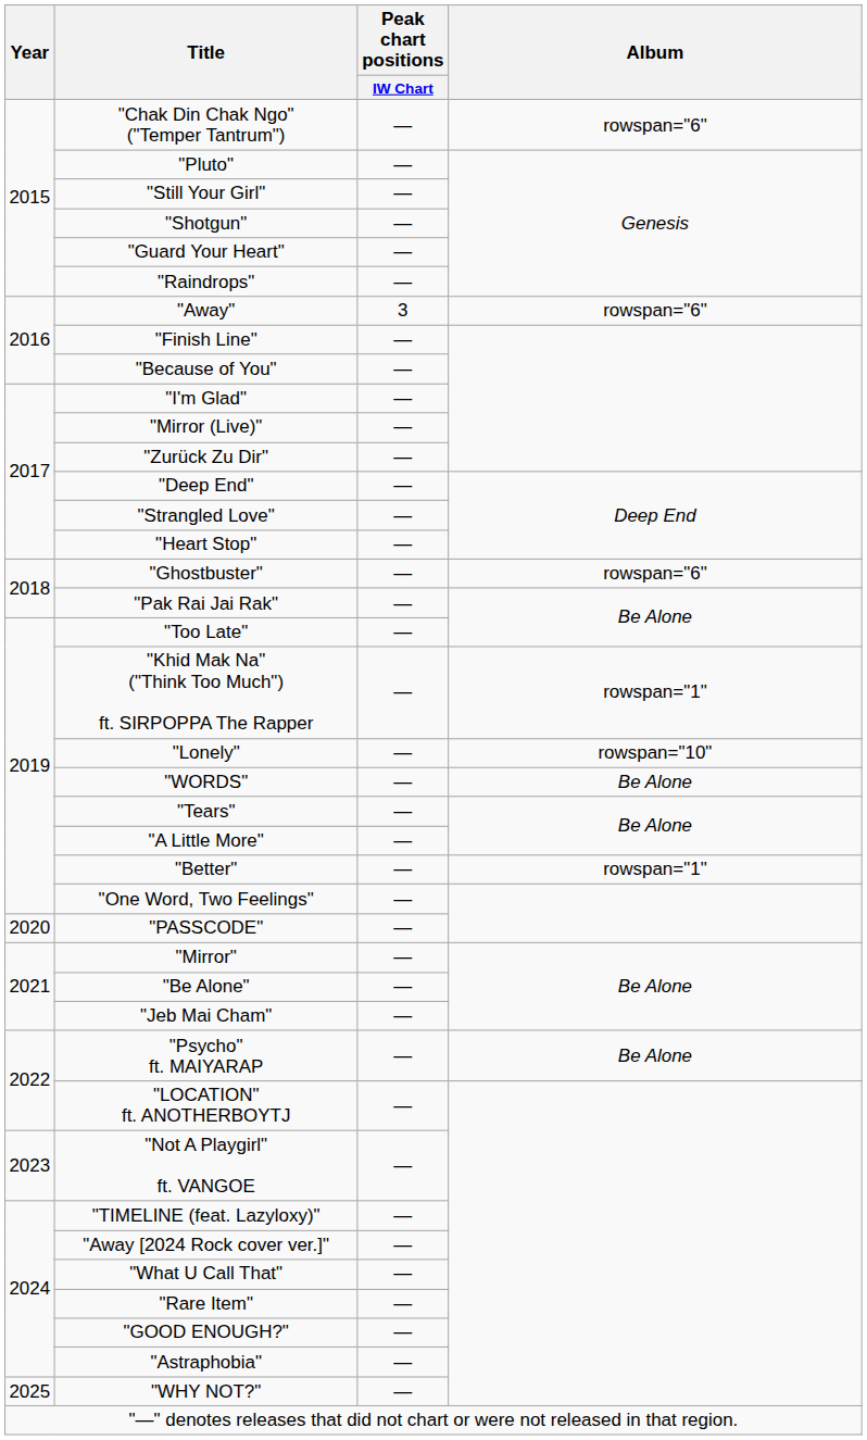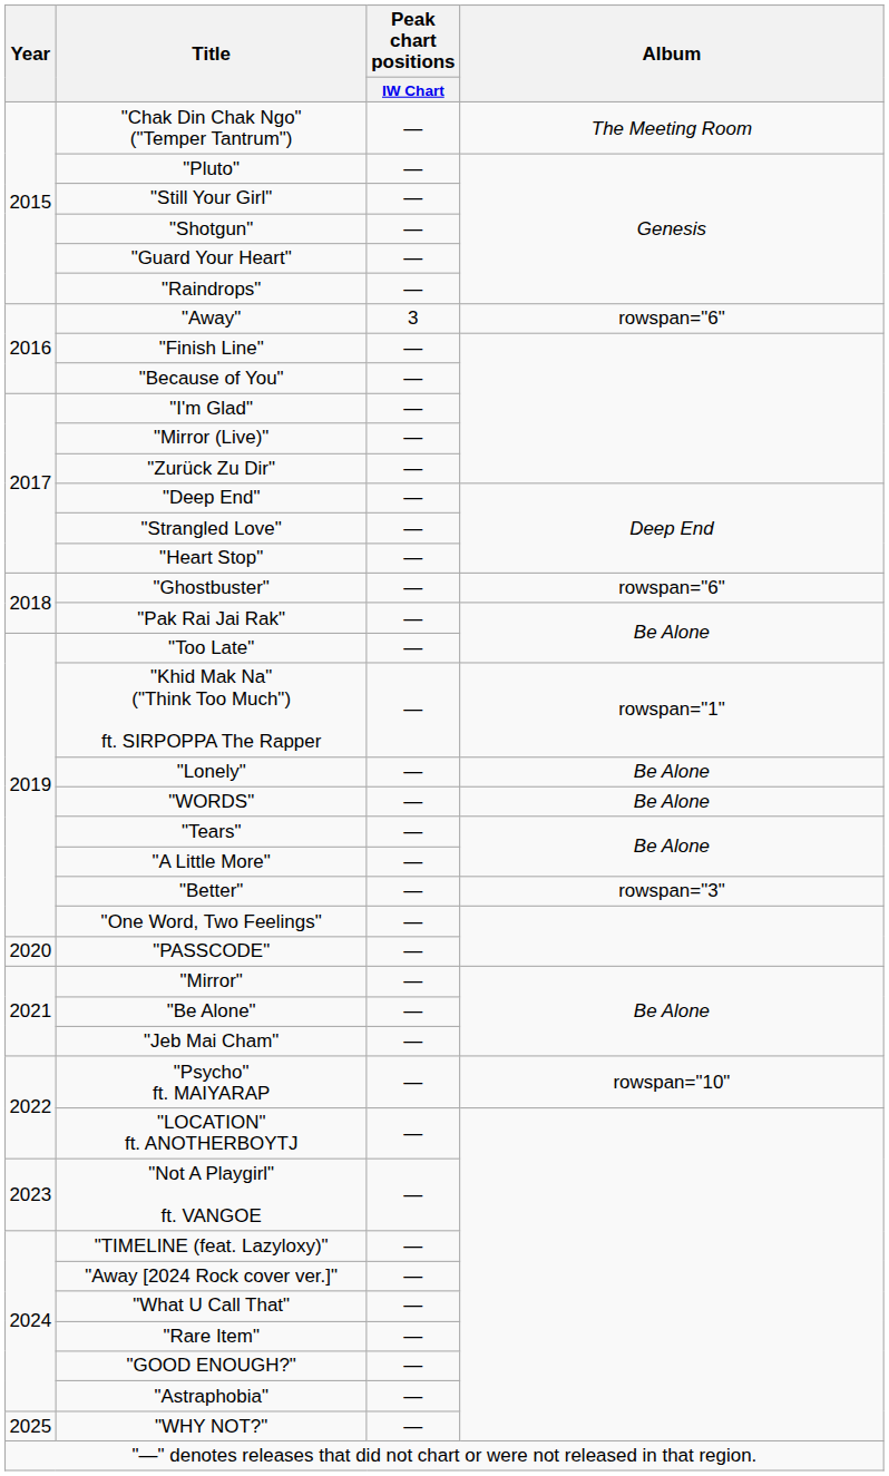 <table class="wikitable plainrowheaders" style="text-align:center;">
 <tr>
 <th rowspan="2" scope="col">Year</th>
 <th scope="col" rowspan="2" style="width:16em">Title</th>
 <th scope="col" colspan="1">Peak chart positions</th>
 <th scope="col" rowspan="2" style="width:22em">Album</th>
 </tr>
 <tr>
 <th scope="col" style="width:2.5em;font-size:80%;"><a href='#'>IW Chart</a></th>
 </tr>
 <tr>
 <td rowspan="6">2015</td>
 <td scope="row">"Chak Din Chak Ngo" <br>("Temper Tantrum") <br></td>
 <td>—</td>
-<td>rowspan="6" </td>
+<td rowspan="1"><em>The Meeting Room</em></td>
 </tr>
 <tr>
 <td scope="row">"Pluto"</td>
 <td>—</td>
 <td rowspan="5"><em>Genesis</em></td>
 </tr>
 <tr>
 <td scope="row">"Still Your Girl"</td>
 <td>—</td>
 </tr>
 <tr>
 <td scope="row">"Shotgun"</td>
 <td>—</td>
 </tr>
 <tr>
 <td scope="row">"Guard Your Heart"</td>
 <td>—</td>
 </tr>
 <tr>
 <td scope="row">"Raindrops"</td>
 <td>—</td>
 </tr>
 <tr>
 <td rowspan="3">2016</td>
 <td scope="row">"Away" <br></td>
 <td>3</td>
 <td>rowspan="6" </td>
 </tr>
 <tr>
 <td scope="row">"Finish Line"</td>
 <td>—</td>
 </tr>
 <tr>
 <td scope="row">"Because of You" <br></td>
 <td>—</td>
 </tr>
 <tr>
 <td rowspan="6">2017</td>
 <td scope="row">"I'm Glad" <br></td>
 <td>—</td>
 </tr>
 <tr>
 <td scope="row">"Mirror (Live)"</td>
 <td>—</td>
 </tr>
 <tr>
 <td scope="row">"Zurück Zu Dir"</td>
 <td>—</td>
 </tr>
 <tr>
 <td scope="row">"Deep End"</td>
 <td>—</td>
 <td rowspan="3"><em>Deep End</em></td>
 </tr>
 <tr>
 <td scope="row">"Strangled Love"</td>
 <td>—</td>
 </tr>
 <tr>
 <td scope="row">"Heart Stop"</td>
 <td>—</td>
 </tr>
 <tr>
 <td rowspan="2">2018</td>
 <td scope="row">"Ghostbuster"</td>
 <td>—</td>
 <td>rowspan="6" </td>
 </tr>
 <tr>
 <td scope="row">"Pak Rai Jai Rak" <br></td>
 <td>—</td>
 <td rowspan="2"><em>Be Alone</em></td>
 </tr>
 <tr>
 <td rowspan="8">2019</td>
 <td scope="row">"Too Late" <br> </td>
 <td>—</td>
 </tr>
 <tr>
 <td scope="row">"Khid Mak Na" <br>("Think Too Much") <br><br>ft. SIRPOPPA The Rapper</td>
 <td>—</td>
 <td>rowspan="1" </td>
 </tr>
 <tr>
 <td scope="row">"Lonely" <br></td>
 <td>—</td>
-<td>rowspan="10" </td>
+<td><em>Be Alone</em></td>
 </tr>
 <tr>
 <td scope="row">"WORDS"</td>
 <td>—</td>
 <td><em>Be Alone</em></td>
 </tr>
 <tr>
 <td>"Tears"<br></td>
 <td>—</td>
 <td rowspan="2"><em>Be Alone</em></td>
 </tr>
 <tr>
 <td>"A Little More" <br></td>
 <td>—</td>
 </tr>
 <tr>
 <td>"Better"<br> </td>
 <td>—</td>
-<td>rowspan="1" </td>
+<td>rowspan="3" </td>
 </tr>
 <tr>
 <td>"One Word, Two Feelings"<br></td>
 <td>—</td>
 </tr>
 <tr>
 <td>2020</td>
 <td scope="row">"PASSCODE"</td>
 <td>—</td>
 </tr>
 <tr>
 <td rowspan="3">2021</td>
 <td scope="row">"Mirror"<br> </td>
 <td>—</td>
 <td rowspan="3"><em>Be Alone</em></td>
 </tr>
 <tr>
 <td scope="row">"Be Alone"<br> </td>
 <td>—</td>
 </tr>
 <tr>
 <td scope="row">"Jeb Mai Cham"<br> </td>
 <td>—</td>
 </tr>
 <tr>
 <td rowspan="2">2022</td>
 <td scope="row">"Psycho"<br>ft. MAIYARAP</td>
 <td>—</td>
-<td><em>Be Alone</em></td>
+<td>rowspan="10" </td>
 </tr>
 <tr>
 <td scope="row">"LOCATION"<br>ft. ANOTHERBOYTJ</td>
 <td>—</td>
 </tr>
 <tr>
 <td>2023</td>
 <td scope="row">"Not A Playgirl" <br> <br>ft. VANGOE</td>
 <td>—</td>
 </tr>
 <tr>
 <td rowspan="6">2024</td>
 <td scope="row">"TIMELINE (feat. Lazyloxy)"</td>
 <td>—</td>
 </tr>
 <tr>
 <td scope="row">"Away [2024 Rock cover ver.]"</td>
 <td>—</td>
 </tr>
 <tr>
 <td scope="row">"What U Call That"</td>
 <td>—</td>
 </tr>
 <tr>
 <td scope="row">"Rare Item"</td>
 <td>—</td>
 </tr>
 <tr>
 <td scope="row">"GOOD ENOUGH?" <br></td>
 <td>—</td>
 </tr>
 <tr>
 <td scope="row">"Astraphobia" <br></td>
 <td>—</td>
 </tr>
 <tr>
 <td rowspan="1">2025</td>
 <td scope="row">"WHY NOT?"</td>
 <td>—</td>
 </tr>
 <tr>
 <td colspan="4">"—" denotes releases that did not chart or were not released in that region.</td>
 </tr>
 </table>
